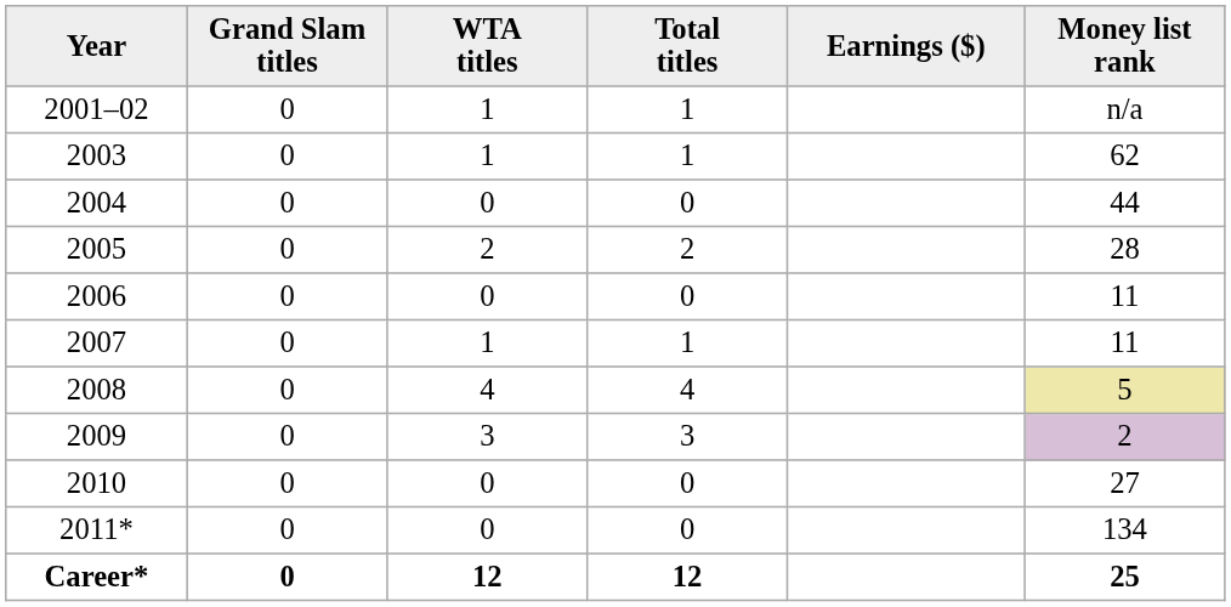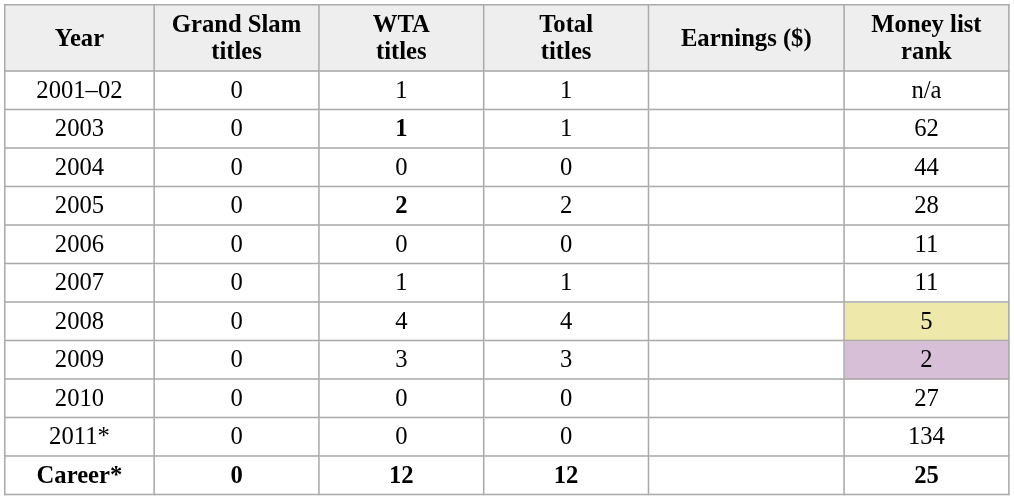 <table cellpadding=3 cellspacing=0 border=1 style=border:#aaa;solid:1px;border-collapse:collapse;text-align:center;>
 <tr style=background:#eee;font-weight:bold>
 <td width="90">Year</td>
 <td width="100">Grand Slam <br>titles</td>
 <td width="100">WTA <br>titles</td>
 <td width="100">Total <br>titles</td>
 <td width="120">Earnings ($)</td>
 <td width="100">Money list rank</td>
 </tr>
 <tr>
 <td>2001–02</td>
 <td>0</td>
 <td>1</td>
 <td>1</td>
 <td align=right></td>
 <td>n/a</td>
 </tr>
 <tr>
 <td>2003</td>
 <td>0</td>
-<td>1</td>
+<td><strong>1</strong></td>
 <td>1</td>
 <td align=right></td>
 <td>62</td>
 </tr>
 <tr>
 <td>2004</td>
 <td>0</td>
 <td>0</td>
 <td>0</td>
 <td align=right></td>
 <td>44</td>
 </tr>
 <tr>
 <td>2005</td>
 <td>0</td>
-<td>2</td>
+<td><strong>2</strong></td>
 <td>2</td>
 <td align=right></td>
 <td>28</td>
 </tr>
 <tr>
 <td>2006</td>
 <td>0</td>
 <td>0</td>
 <td>0</td>
 <td align=right></td>
 <td>11</td>
 </tr>
 <tr>
 <td>2007</td>
 <td>0</td>
 <td>1</td>
 <td>1</td>
 <td style="text-align:right"></td>
 <td>11</td>
 </tr>
 <tr>
 <td>2008</td>
 <td>0</td>
 <td>4</td>
 <td>4</td>
 <td align=right></td>
 <td bgcolor=eee8aa>5</td>
 </tr>
 <tr>
 <td>2009</td>
 <td>0</td>
 <td>3</td>
 <td>3</td>
 <td align=right></td>
 <td bgcolor=thistle>2</td>
 </tr>
 <tr>
 <td>2010</td>
 <td>0</td>
 <td>0</td>
 <td>0</td>
 <td align=right></td>
 <td>27</td>
 </tr>
 <tr>
 <td>2011*</td>
 <td>0</td>
 <td>0</td>
 <td>0</td>
 <td align=right></td>
 <td>134</td>
 </tr>
 <tr>
 <th style="text-align:center">Career*</th>
 <th style="text-align:center">0</th>
 <th style="text-align:center">12</th>
 <th style="text-align:center">12</th>
 <th align=right></th>
 <th style="text-align:center">25</th>
 </tr>
 </table>
